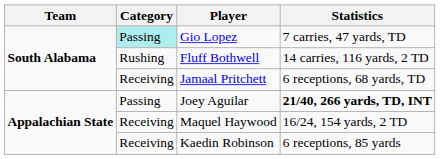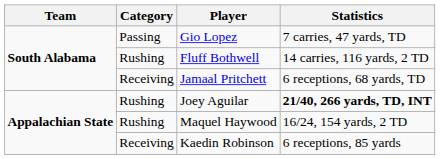 <table class="wikitable" style="float: right;">
 <tr>
 <th>Team</th>
 <th>Category</th>
 <th>Player</th>
 <th>Statistics</th>
 </tr>
 <tr>
 <td rowspan=3><strong>South Alabama</strong></td>
-<td style="background: paleturquoise;">Passing</td>
+<td>Passing</td>
 <td><a href='#'>Gio Lopez</a></td>
 <td>7 carries, 47 yards, TD</td>
 </tr>
 <tr>
 <td>Rushing</td>
 <td><a href='#'>Fluff Bothwell</a></td>
 <td>14 carries, 116 yards, 2 TD</td>
 </tr>
 <tr>
 <td>Receiving</td>
 <td><a href='#'>Jamaal Pritchett</a></td>
 <td>6 receptions, 68 yards, TD</td>
 </tr>
 <tr>
 <td rowspan=3><strong>Appalachian State</strong></td>
-<td>Passing</td>
+<td>Rushing</td>
 <td>Joey Aguilar</td>
 <td><strong>21/40, 266 yards, TD, INT</strong></td>
 </tr>
 <tr>
-<td>Receiving</td>
+<td>Rushing</td>
 <td>Maquel Haywood</td>
 <td>16/24, 154 yards, 2 TD</td>
 </tr>
 <tr>
 <td>Receiving</td>
 <td>Kaedin Robinson</td>
 <td>6 receptions, 85 yards</td>
 </tr>
 </table>
